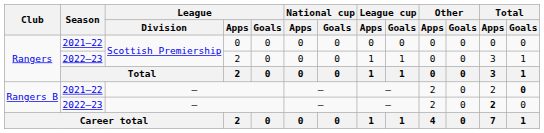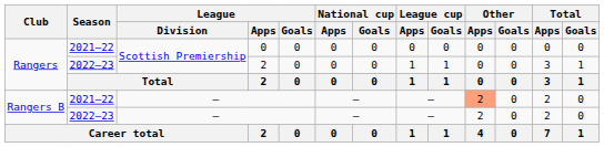 <table class="wikitable" style="text-align:center">
 <tr>
 <th rowspan="2">Club</th>
 <th rowspan="2">Season</th>
 <th colspan="3">League</th>
 <th colspan="2">National cup</th>
 <th colspan="2">League cup</th>
 <th colspan="2">Other</th>
 <th colspan="2">Total</th>
 </tr>
 <tr>
 <th>Division</th>
 <th>Apps</th>
 <th>Goals</th>
 <th>Apps</th>
 <th>Goals</th>
 <th>Apps</th>
 <th>Goals</th>
 <th>Apps</th>
 <th>Goals</th>
 <th>Apps</th>
 <th>Goals</th>
 </tr>
 <tr>
 <td rowspan=3><a href='#'>Rangers</a></td>
 <td><a href='#'>2021–22</a></td>
 <td rowspan=2><a href='#'>Scottish Premiership</a></td>
 <td>0</td>
 <td>0</td>
 <td>0</td>
 <td>0</td>
 <td>0</td>
 <td>0</td>
 <td>0</td>
 <td>0</td>
 <td>0</td>
 <td>0</td>
 </tr>
 <tr>
 <td><a href='#'>2022–23</a></td>
 <td>2</td>
 <td>0</td>
 <td>0</td>
 <td>0</td>
 <td>1</td>
 <td>1</td>
 <td>0</td>
 <td>0</td>
 <td>3</td>
 <td>1</td>
 </tr>
 <tr>
 <th colspan=2>Total</th>
 <th>2</th>
 <th>0</th>
 <th>0</th>
 <th>0</th>
 <th>1</th>
 <th>1</th>
 <th>0</th>
 <th>0</th>
 <th>3</th>
 <th>1</th>
 </tr>
 <tr>
 <td rowspan=2><a href='#'>Rangers B</a></td>
 <td><a href='#'>2021–22</a></td>
 <td colspan=3>—</td>
 <td colspan=2>—</td>
 <td colspan=2>—</td>
+<td style="background: lightsalmon;">2</td>
+<td>0</td>
 <td>2</td>
 <td>0</td>
-<td>2</td>
-<td><strong>0</strong></td>
 </tr>
 <tr>
 <td><a href='#'>2022–23</a></td>
 <td colspan=3>—</td>
 <td colspan=2>—</td>
 <td colspan=2>—</td>
 <td>2</td>
 <td>0</td>
-<td><strong>2</strong></td>
+<td>2</td>
 <td>0</td>
 </tr>
 <tr>
 <th colspan="3">Career total</th>
 <th>2</th>
 <th>0</th>
 <th>0</th>
 <th>0</th>
 <th>1</th>
 <th>1</th>
 <th>4</th>
 <th>0</th>
 <th>7</th>
 <th>1</th>
 </tr>
 </table>
